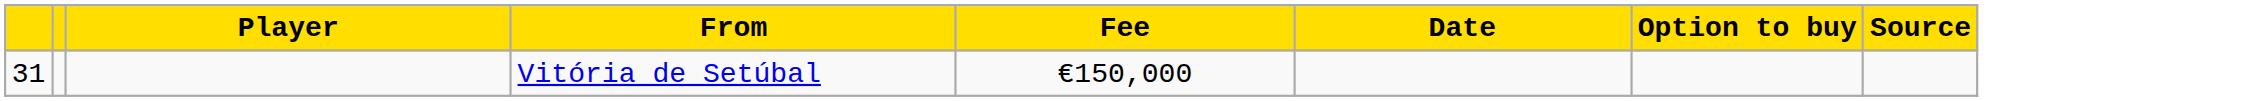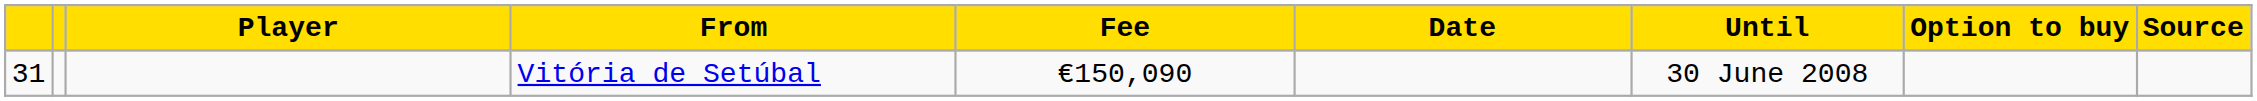 <table class="wikitable sortable">
 <tr>
 <th style="background:#FFDE00"></th>
 <th style="background:#FFDE00"></th>
 <th width=200 style="background:#FFDE00">Player</th>
 <th width=200 style="background:#FFDE00">From</th>
 <th width=150 style="background:#FFDE00">Fee</th>
 <th width=150 style="background:#FFDE00">Date</th>
+<th width=120 style="background:#FFDE00">Until</th>
 <th style="background:#FFDE00">Option to buy</th>
 <th style="background:#FFDE00">Source</th>
 </tr>
 <tr>
 <td align=center>31</td>
 <td align=center></td>
 <td></td>
 <td> <a href='#'>Vitória de Setúbal</a></td>
-<td align=center>€150,000</td>
+<td align=center>€150,090</td>
 <td align=center></td>
+<td align=center>30 June 2008</td>
 <td align=center></td>
 <td align=center></td>
 </tr>
 </table>
